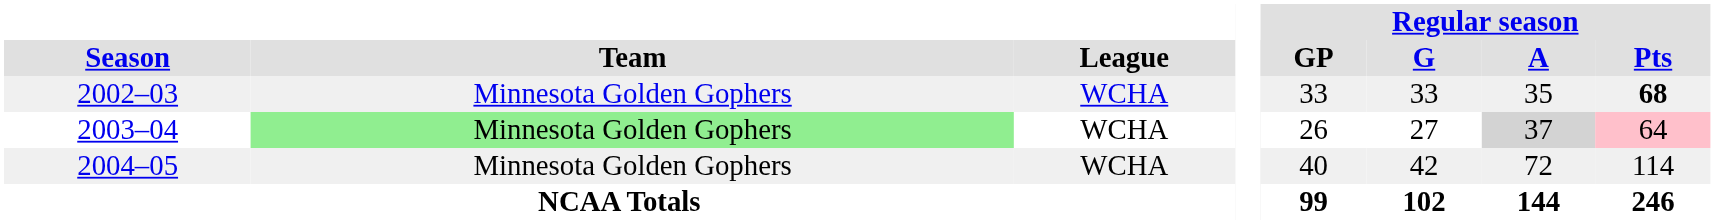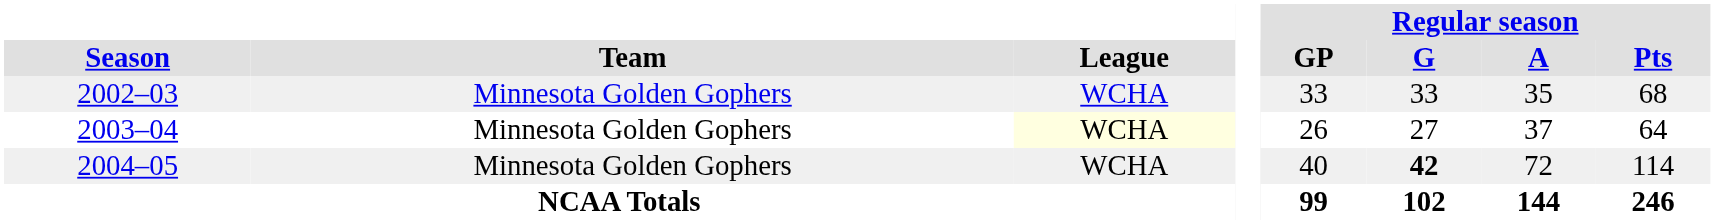 <table border="0" cellpadding="1" cellspacing="0" width="75%" style="text-align:center">
 <tr bgcolor="#e0e0e0">
 <th colspan="3" bgcolor="#ffffff"> </th>
 <th rowspan="100" bgcolor="#ffffff"> </th>
 <th colspan="4"><a href='#'>Regular season</a></th>
 </tr>
 <tr bgcolor="#e0e0e0">
 <th><a href='#'>Season</a></th>
 <th>Team</th>
 <th>League</th>
 <th>GP</th>
 <th><a href='#'>G</a></th>
 <th><a href='#'>A</a></th>
 <th><a href='#'>Pts</a></th>
 </tr>
 <tr bgcolor="#f0f0f0">
 <td><a href='#'>2002–03</a></td>
 <td><a href='#'>Minnesota Golden Gophers</a></td>
 <td><a href='#'>WCHA</a></td>
 <td>33</td>
 <td>33</td>
 <td>35</td>
-<td><strong>68</strong></td>
+<td>68</td>
 </tr>
 <tr>
 <td><a href='#'>2003–04</a></td>
-<td style="background: lightgreen;">Minnesota Golden Gophers</td>
-<td>WCHA</td>
+<td>Minnesota Golden Gophers</td>
+<td style="background: lightyellow;">WCHA</td>
 <td>26</td>
 <td>27</td>
-<td style="background: lightgrey;">37</td>
-<td style="background: pink;">64</td>
+<td>37</td>
+<td>64</td>
 </tr>
 <tr bgcolor="#f0f0f0">
 <td><a href='#'>2004–05</a></td>
 <td>Minnesota Golden Gophers</td>
 <td>WCHA</td>
 <td>40</td>
-<td>42</td>
+<td><strong>42</strong></td>
 <td>72</td>
 <td>114</td>
 </tr>
 <tr>
 <th colspan="3">NCAA Totals</th>
 <th>99</th>
 <th>102</th>
 <th>144</th>
 <th>246</th>
 </tr>
 </table>
